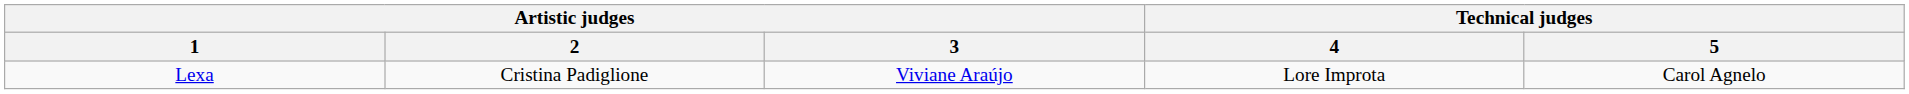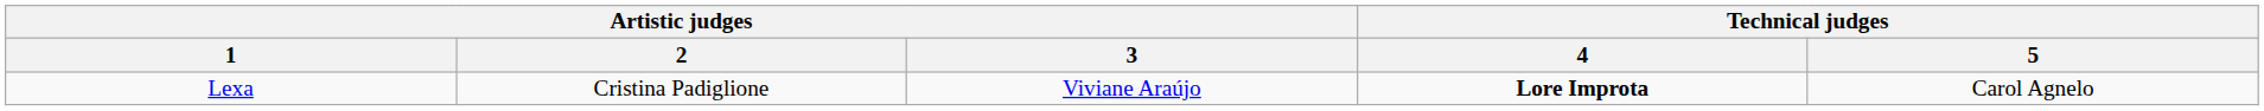 <table class="wikitable" style="font-size:100%; line-height:16px; text-align:center" width="100%">
 <tr>
 <th colspan=3>Artistic judges</th>
 <th colspan=2>Technical judges</th>
 </tr>
 <tr>
 <th width="20.0%">1</th>
 <th width="20.0%">2</th>
 <th width="20.0%">3</th>
 <th width="20.0%">4</th>
 <th width="20.0%">5</th>
 </tr>
 <tr>
 <td><a href='#'>Lexa</a></td>
 <td>Cristina Padiglione</td>
 <td><a href='#'>Viviane Araújo</a></td>
-<td>Lore Improta</td>
+<td><strong>Lore Improta</strong></td>
 <td>Carol Agnelo</td>
 </tr>
 </table>
